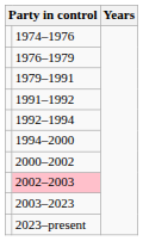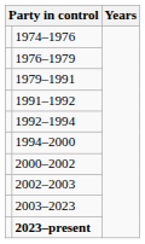 <table class="wikitable">
 <tr>
 <th colspan=2>Party in control</th>
 <th>Years</th>
 </tr>
 <tr>
 <td></td>
 <td>1974–1976</td>
 </tr>
 <tr>
 <td></td>
 <td>1976–1979</td>
 </tr>
 <tr>
 <td></td>
 <td>1979–1991</td>
 </tr>
 <tr>
 <td></td>
 <td>1991–1992</td>
 </tr>
 <tr>
 <td></td>
 <td>1992–1994</td>
 </tr>
 <tr>
 <td></td>
 <td>1994–2000</td>
 </tr>
 <tr>
 <td></td>
 <td>2000–2002</td>
 </tr>
 <tr>
 <td></td>
-<td style="background: pink;">2002–2003</td>
+<td>2002–2003</td>
 </tr>
 <tr>
 <td></td>
 <td>2003–2023</td>
 </tr>
 <tr>
 <td></td>
-<td>2023–present</td>
+<td><strong>2023–present</strong></td>
 </tr>
 </table>
